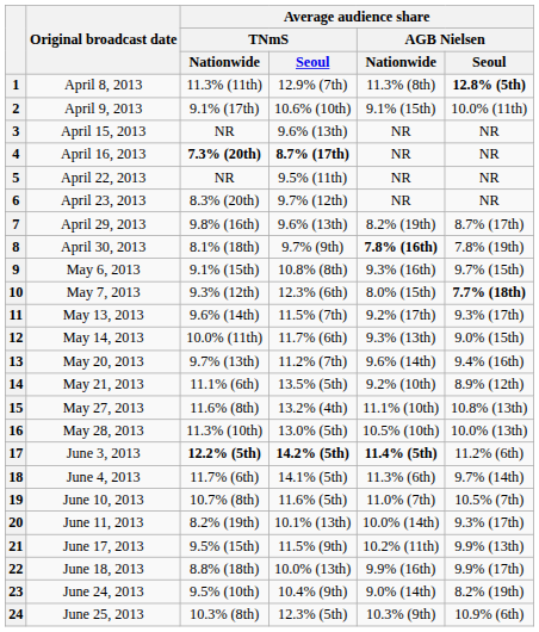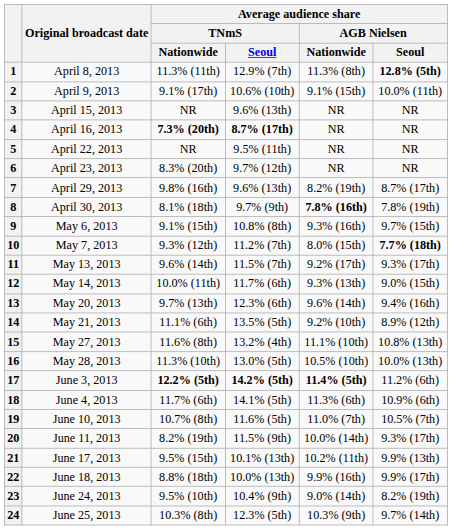 <table class=wikitable style="text-align:center">
 <tr>
 <th rowspan="3"></th>
 <th rowspan="3">Original broadcast date</th>
 <th colspan="5">Average audience share</th>
 </tr>
 <tr>
 <th colspan="2">TNmS</th>
 <th colspan="2">AGB Nielsen</th>
 </tr>
 <tr>
 <th width=90>Nationwide</th>
 <th width=90><a href='#'>Seoul</a></th>
 <th width=90>Nationwide</th>
 <th width=90>Seoul</th>
 </tr>
 <tr>
 <th>1</th>
 <td>April 8, 2013</td>
 <td>11.3% (11th)</td>
 <td>12.9% (7th)</td>
 <td>11.3% (8th)</td>
 <td><span><strong>12.8% (5th)</strong></span></td>
 </tr>
 <tr>
 <th>2</th>
 <td>April 9, 2013</td>
 <td>9.1% (17th)</td>
 <td>10.6% (10th)</td>
 <td>9.1% (15th)</td>
 <td>10.0% (11th)</td>
 </tr>
 <tr>
 <th>3</th>
 <td>April 15, 2013</td>
 <td>NR</td>
 <td>9.6% (13th)</td>
 <td>NR</td>
 <td>NR</td>
 </tr>
 <tr>
 <th>4</th>
 <td>April 16, 2013</td>
 <td><span><strong>7.3% (20th)</strong></span></td>
 <td><span><strong>8.7% (17th)</strong></span></td>
 <td>NR</td>
 <td>NR</td>
 </tr>
 <tr>
 <th>5</th>
 <td>April 22, 2013</td>
 <td>NR</td>
 <td>9.5% (11th)</td>
 <td>NR</td>
 <td>NR</td>
 </tr>
 <tr>
 <th>6</th>
 <td>April 23, 2013</td>
 <td>8.3% (20th)</td>
 <td>9.7% (12th)</td>
 <td>NR</td>
 <td>NR</td>
 </tr>
 <tr>
 <th>7</th>
 <td>April 29, 2013</td>
 <td>9.8% (16th)</td>
 <td>9.6% (13th)</td>
 <td>8.2% (19th)</td>
 <td>8.7% (17th)</td>
 </tr>
 <tr>
 <th>8</th>
 <td>April 30, 2013</td>
 <td>8.1% (18th)</td>
 <td>9.7% (9th)</td>
 <td><span><strong>7.8% (16th)</strong></span></td>
 <td>7.8% (19th)</td>
 </tr>
 <tr>
 <th>9</th>
 <td>May 6, 2013</td>
 <td>9.1% (15th)</td>
 <td>10.8% (8th)</td>
 <td>9.3% (16th)</td>
 <td>9.7% (15th)</td>
 </tr>
 <tr>
 <th>10</th>
 <td>May 7, 2013</td>
 <td>9.3% (12th)</td>
-<td>12.3% (6th)</td>
+<td>11.2% (7th)</td>
 <td>8.0% (15th)</td>
 <td><span><strong>7.7% (18th)</strong></span></td>
 </tr>
 <tr>
 <th>11</th>
 <td>May 13, 2013</td>
 <td>9.6% (14th)</td>
 <td>11.5% (7th)</td>
 <td>9.2% (17th)</td>
 <td>9.3% (17th)</td>
 </tr>
 <tr>
 <th>12</th>
 <td>May 14, 2013</td>
 <td>10.0% (11th)</td>
 <td>11.7% (6th)</td>
 <td>9.3% (13th)</td>
 <td>9.0% (15th)</td>
 </tr>
 <tr>
 <th>13</th>
 <td>May 20, 2013</td>
 <td>9.7% (13th)</td>
-<td>11.2% (7th)</td>
+<td>12.3% (6th)</td>
 <td>9.6% (14th)</td>
 <td>9.4% (16th)</td>
 </tr>
 <tr>
 <th>14</th>
 <td>May 21, 2013</td>
 <td>11.1% (6th)</td>
 <td>13.5% (5th)</td>
 <td>9.2% (10th)</td>
 <td>8.9% (12th)</td>
 </tr>
 <tr>
 <th>15</th>
 <td>May 27, 2013</td>
 <td>11.6% (8th)</td>
 <td>13.2% (4th)</td>
 <td>11.1% (10th)</td>
 <td>10.8% (13th)</td>
 </tr>
 <tr>
 <th>16</th>
 <td>May 28, 2013</td>
 <td>11.3% (10th)</td>
 <td>13.0% (5th)</td>
 <td>10.5% (10th)</td>
 <td>10.0% (13th)</td>
 </tr>
 <tr>
 <th>17</th>
 <td>June 3, 2013</td>
 <td><span><strong>12.2% (5th)</strong></span></td>
 <td><span><strong>14.2% (5th)</strong></span></td>
 <td><span><strong>11.4% (5th)</strong></span></td>
 <td>11.2% (6th)</td>
 </tr>
 <tr>
 <th>18</th>
 <td>June 4, 2013</td>
 <td>11.7% (6th)</td>
 <td>14.1% (5th)</td>
 <td>11.3% (6th)</td>
-<td>9.7% (14th)</td>
+<td>10.9% (6th)</td>
 </tr>
 <tr>
 <th>19</th>
 <td>June 10, 2013</td>
 <td>10.7% (8th)</td>
 <td>11.6% (5th)</td>
 <td>11.0% (7th)</td>
 <td>10.5% (7th)</td>
 </tr>
 <tr>
 <th>20</th>
 <td>June 11, 2013</td>
 <td>8.2% (19th)</td>
-<td>10.1% (13th)</td>
+<td>11.5% (9th)</td>
 <td>10.0% (14th)</td>
 <td>9.3% (17th)</td>
 </tr>
 <tr>
 <th>21</th>
 <td>June 17, 2013</td>
 <td>9.5% (15th)</td>
-<td>11.5% (9th)</td>
+<td>10.1% (13th)</td>
 <td>10.2% (11th)</td>
 <td>9.9% (13th)</td>
 </tr>
 <tr>
 <th>22</th>
 <td>June 18, 2013</td>
 <td>8.8% (18th)</td>
 <td>10.0% (13th)</td>
 <td>9.9% (16th)</td>
 <td>9.9% (17th)</td>
 </tr>
 <tr>
 <th>23</th>
 <td>June 24, 2013</td>
 <td>9.5% (10th)</td>
 <td>10.4% (9th)</td>
 <td>9.0% (14th)</td>
 <td>8.2% (19th)</td>
 </tr>
 <tr>
 <th>24</th>
 <td>June 25, 2013</td>
 <td>10.3% (8th)</td>
 <td>12.3% (5th)</td>
 <td>10.3% (9th)</td>
-<td>10.9% (6th)</td>
+<td>9.7% (14th)</td>
 </tr>
 </table>
